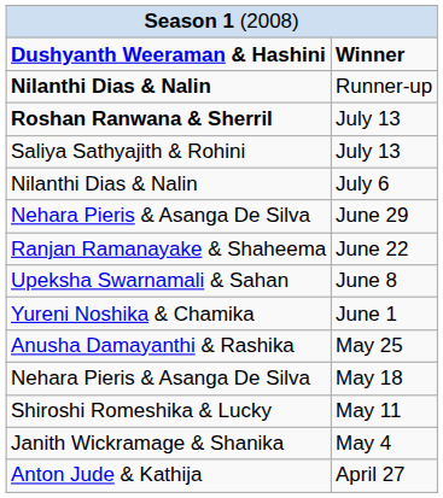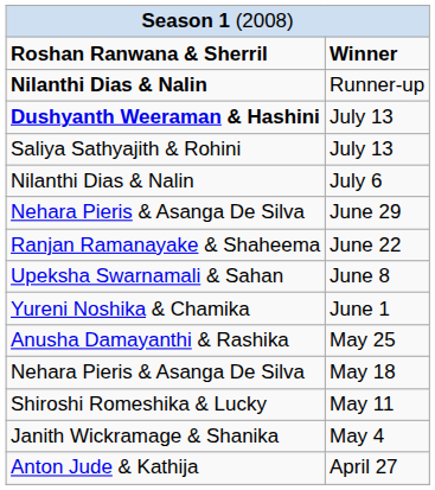 <table class="wikitable" align="center" style="margin-left: 10px;">
 <tr>
 <td colspan="2" style="background:#cedff2; text-align:center;"><strong>Season 1</strong> (2008)</td>
 </tr>
 <tr>
-<td><strong><a href='#'>Dushyanth Weeraman</a> & Hashini</strong></td>
+<td><strong>Roshan Ranwana & Sherril</strong></td>
 <td><strong>Winner</strong></td>
 </tr>
 <tr>
 <td><strong>Nilanthi Dias & Nalin</strong></td>
 <td>Runner-up</td>
 </tr>
 <tr>
-<td><strong>Roshan Ranwana & Sherril</strong></td>
+<td><strong><a href='#'>Dushyanth Weeraman</a> & Hashini</strong></td>
 <td>July 13</td>
 </tr>
 <tr>
 <td>Saliya Sathyajith & Rohini</td>
 <td>July 13</td>
 </tr>
 <tr>
 <td>Nilanthi Dias & Nalin</td>
 <td>July 6</td>
 </tr>
 <tr>
 <td><a href='#'>Nehara Pieris</a> & Asanga De Silva</td>
 <td>June 29</td>
 </tr>
 <tr>
 <td><a href='#'>Ranjan Ramanayake</a> & Shaheema</td>
 <td>June 22</td>
 </tr>
 <tr>
 <td><a href='#'>Upeksha Swarnamali</a> & Sahan</td>
 <td>June 8</td>
 </tr>
 <tr>
 <td><a href='#'>Yureni Noshika</a> & Chamika</td>
 <td>June 1</td>
 </tr>
 <tr>
 <td><a href='#'>Anusha Damayanthi</a> & Rashika</td>
 <td>May 25</td>
 </tr>
 <tr>
 <td>Nehara Pieris & Asanga De Silva</td>
 <td>May 18</td>
 </tr>
 <tr>
 <td>Shiroshi Romeshika & Lucky</td>
 <td>May 11</td>
 </tr>
 <tr>
 <td>Janith Wickramage & Shanika</td>
 <td>May 4</td>
 </tr>
 <tr>
 <td><a href='#'>Anton Jude</a> & Kathija</td>
 <td>April 27</td>
 </tr>
 </table>
